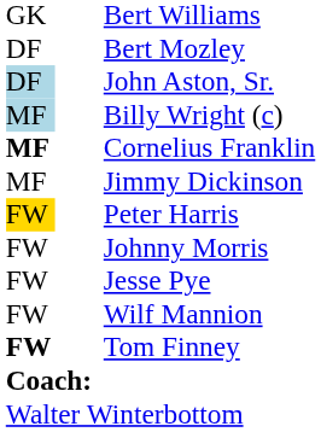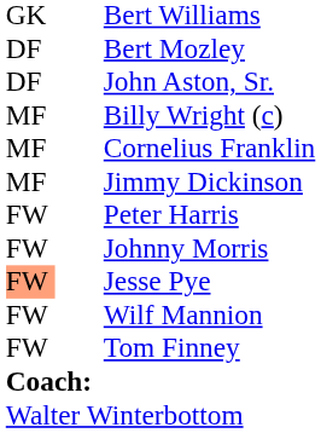 <table style="font-size:90%; margin:0.2em auto;" cellspacing="0" cellpadding="0">
 <tr>
 <th width="25"></th>
 <th width="25"></th>
 </tr>
 <tr>
 <td>GK</td>
 <td></td>
 <td><a href='#'>Bert Williams</a></td>
 </tr>
 <tr>
 <td>DF</td>
 <td></td>
 <td><a href='#'>Bert Mozley</a></td>
 </tr>
 <tr>
-<td style="background: lightblue;">DF</td>
+<td>DF</td>
 <td></td>
 <td><a href='#'>John Aston, Sr.</a></td>
 </tr>
 <tr>
-<td style="background: lightblue;">MF</td>
+<td>MF</td>
 <td></td>
 <td><a href='#'>Billy Wright</a> (<a href='#'>c</a>)</td>
 </tr>
 <tr>
-<td><strong>MF</strong></td>
+<td>MF</td>
 <td></td>
 <td><a href='#'>Cornelius Franklin</a></td>
 </tr>
 <tr>
 <td>MF</td>
 <td></td>
 <td><a href='#'>Jimmy Dickinson</a></td>
 </tr>
 <tr>
-<td style="background: gold;">FW</td>
+<td>FW</td>
 <td></td>
 <td><a href='#'>Peter Harris</a></td>
 </tr>
 <tr>
 <td>FW</td>
 <td></td>
 <td><a href='#'>Johnny Morris</a></td>
 </tr>
 <tr>
-<td>FW</td>
+<td style="background: lightsalmon;">FW</td>
 <td></td>
 <td><a href='#'>Jesse Pye</a></td>
 </tr>
 <tr>
 <td>FW</td>
 <td></td>
 <td><a href='#'>Wilf Mannion</a></td>
 </tr>
 <tr>
-<td><strong>FW</strong></td>
+<td>FW</td>
 <td></td>
 <td><a href='#'>Tom Finney</a></td>
 </tr>
 <tr>
 <td colspan=3><strong>Coach:</strong></td>
 </tr>
 <tr>
 <td colspan="4"><a href='#'>Walter Winterbottom</a></td>
 </tr>
 </table>
